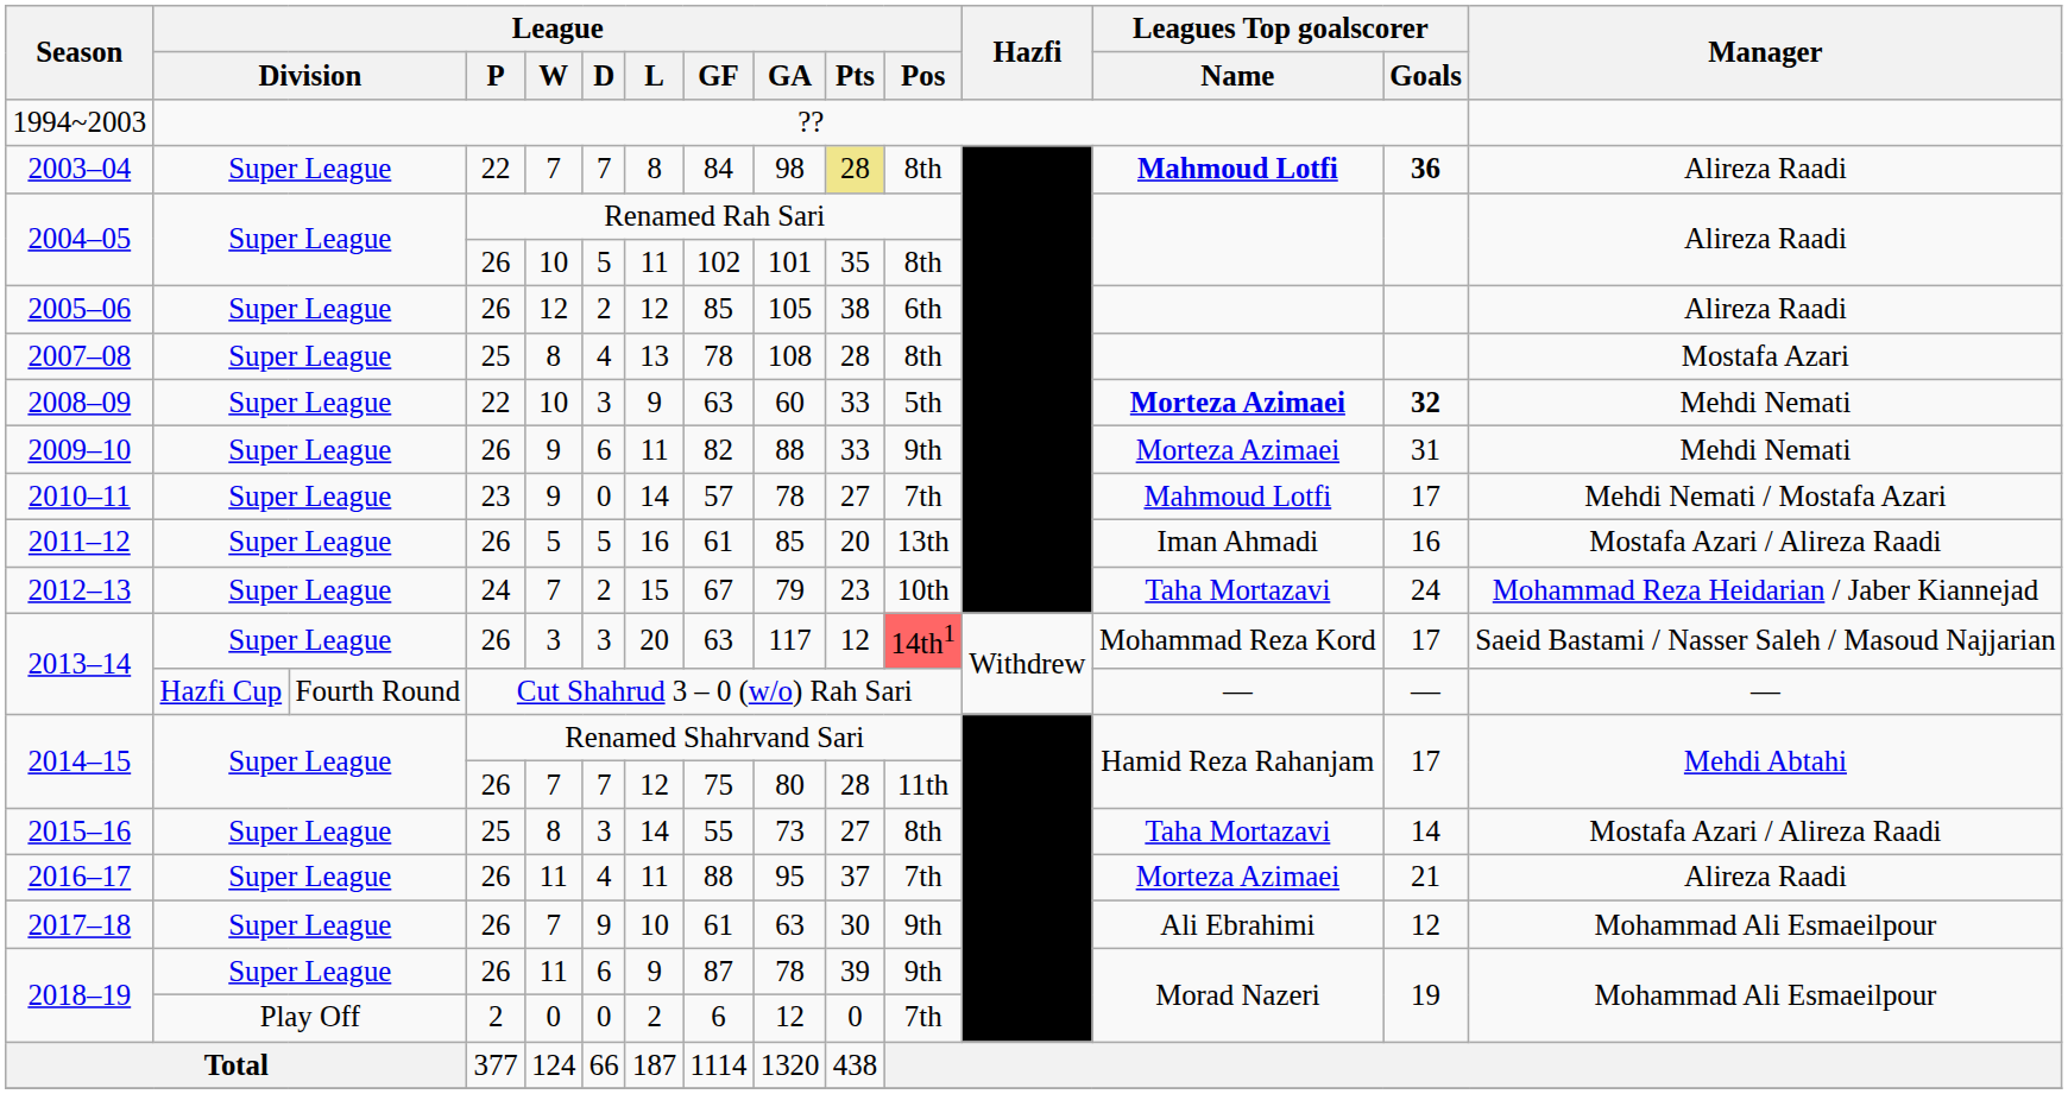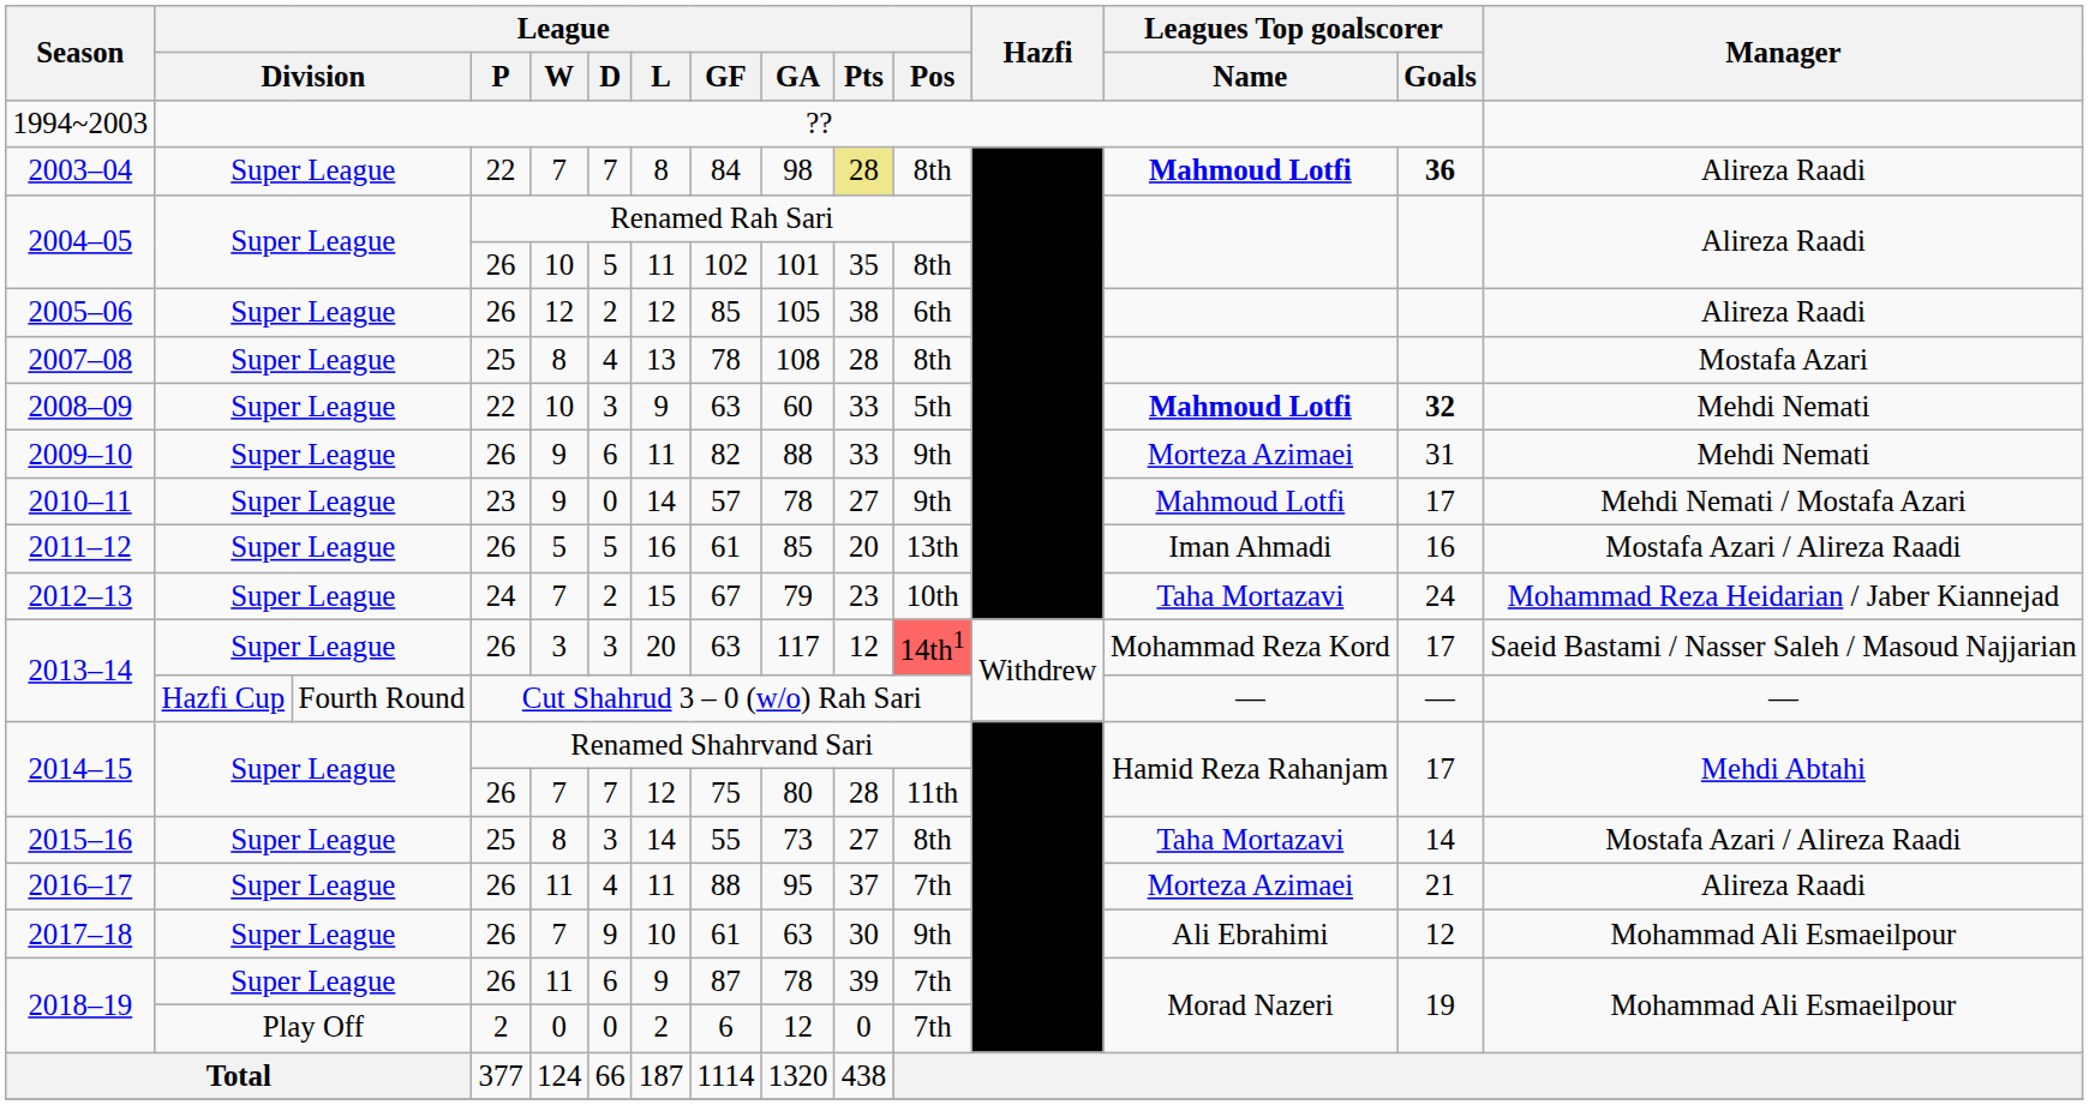 <table class="wikitable" style="text-align: center">
 <tr>
 <th rowspan=2>Season</th>
 <th colspan=10>League</th>
 <th rowspan=2>Hazfi</th>
 <th colspan=2>Leagues Top goalscorer</th>
 <th rowspan=2>Manager</th>
 </tr>
 <tr>
 <th colspan=2>Division</th>
 <th>P</th>
 <th>W</th>
 <th>D</th>
 <th>L</th>
 <th>GF</th>
 <th>GA</th>
 <th>Pts</th>
 <th>Pos</th>
 <th>Name</th>
 <th>Goals</th>
 </tr>
 <tr>
 <td>1994‍~2003</td>
 <td colspan=13>??</td>
 </tr>
 <tr>
 <td><a href='#'>2003–04</a></td>
 <td colspan=2><a href='#'>Super League</a></td>
 <td>22</td>
 <td>7</td>
 <td>7</td>
 <td>8</td>
 <td>84</td>
 <td>98</td>
 <td style="background: khaki;">28</td>
 <td>8th</td>
 <td rowspan=10 bgcolor= black></td>
 <td><strong><a href='#'>Mahmoud Lotfi</a></strong></td>
 <td><strong>36</strong></td>
 <td>Alireza Raadi</td>
 </tr>
 <tr>
 <td rowspan=2><a href='#'>2004–05</a></td>
 <td rowspan=2 colspan=2><a href='#'>Super League</a></td>
 <td colspan=8>Renamed Rah Sari</td>
 <td rowspan=2></td>
 <td rowspan=2></td>
 <td rowspan=2>Alireza Raadi</td>
 </tr>
 <tr>
 <td>26</td>
 <td>10</td>
 <td>5</td>
 <td>11</td>
 <td>102</td>
 <td>101</td>
 <td>35</td>
 <td>8th</td>
 </tr>
 <tr>
 <td><a href='#'>2005–06</a></td>
 <td colspan=2><a href='#'>Super League</a></td>
 <td>26</td>
 <td>12</td>
 <td>2</td>
 <td>12</td>
 <td>85</td>
 <td>105</td>
 <td>38</td>
 <td>6th</td>
 <td></td>
 <td></td>
 <td>Alireza Raadi</td>
 </tr>
 <tr>
 <td><a href='#'>2007–08</a></td>
 <td colspan=2><a href='#'>Super League</a></td>
 <td>25</td>
 <td>8</td>
 <td>4</td>
 <td>13</td>
 <td>78</td>
 <td>108</td>
 <td>28</td>
 <td>8th</td>
 <td></td>
 <td></td>
 <td>Mostafa Azari</td>
 </tr>
 <tr>
 <td><a href='#'>2008–09</a></td>
 <td colspan=2><a href='#'>Super League</a></td>
 <td>22</td>
 <td>10</td>
 <td>3</td>
 <td>9</td>
 <td>63</td>
 <td>60</td>
 <td>33</td>
 <td>5th</td>
-<td><strong><a href='#'>Morteza Azimaei</a></strong></td>
+<td><strong><a href='#'>Mahmoud Lotfi</a></strong></td>
 <td><strong>32</strong></td>
 <td>Mehdi Nemati</td>
 </tr>
 <tr>
 <td><a href='#'>2009–10</a></td>
 <td colspan=2><a href='#'>Super League</a></td>
 <td>26</td>
 <td>9</td>
 <td>6</td>
 <td>11</td>
 <td>82</td>
 <td>88</td>
 <td>33</td>
 <td>9th</td>
 <td><a href='#'>Morteza Azimaei</a></td>
 <td>31</td>
 <td>Mehdi Nemati</td>
 </tr>
 <tr>
 <td><a href='#'>2010–11</a></td>
 <td colspan=2><a href='#'>Super League</a></td>
 <td>23</td>
 <td>9</td>
 <td>0</td>
 <td>14</td>
 <td>57</td>
 <td>78</td>
 <td>27</td>
-<td>7th</td>
+<td>9th</td>
 <td><a href='#'>Mahmoud Lotfi</a></td>
 <td>17</td>
 <td>Mehdi Nemati / Mostafa Azari</td>
 </tr>
 <tr>
 <td><a href='#'>2011–12</a></td>
 <td colspan=2><a href='#'>Super League</a></td>
 <td>26</td>
 <td>5</td>
 <td>5</td>
 <td>16</td>
 <td>61</td>
 <td>85</td>
 <td>20</td>
 <td>13th</td>
 <td>Iman Ahmadi</td>
 <td>16</td>
 <td>Mostafa Azari / Alireza Raadi</td>
 </tr>
 <tr>
 <td><a href='#'>2012–13</a></td>
 <td colspan=2><a href='#'>Super League</a></td>
 <td>24</td>
 <td>7</td>
 <td>2</td>
 <td>15</td>
 <td>67</td>
 <td>79</td>
 <td>23</td>
 <td>10th</td>
 <td><a href='#'>Taha Mortazavi</a></td>
 <td>24</td>
 <td><a href='#'>Mohammad Reza Heidarian</a> / Jaber Kiannejad</td>
 </tr>
 <tr>
 <td rowspan=2><a href='#'>2013–14</a></td>
 <td colspan=2><a href='#'>Super League</a></td>
 <td>26</td>
 <td>3</td>
 <td>3</td>
 <td>20</td>
 <td>63</td>
 <td>117</td>
 <td>12</td>
 <td bgcolor="#FF6666">14th<sup>1</sup></td>
 <td rowspan=2>Withdrew</td>
 <td>Mohammad Reza Kord</td>
 <td>17</td>
 <td>Saeid Bastami / Nasser Saleh / Masoud Najjarian</td>
 </tr>
 <tr>
 <td><a href='#'>Hazfi Cup</a></td>
 <td>Fourth Round</td>
 <td colspan=8><a href='#'>Cut Shahrud</a> 3 – 0 (<a href='#'>w/o</a>) Rah Sari</td>
 <td>—</td>
 <td>—</td>
 <td>—</td>
 </tr>
 <tr>
 <td rowspan=2><a href='#'>2014–15</a></td>
 <td rowspan=2 colspan=2><a href='#'>Super League</a></td>
 <td colspan=8>Renamed Shahrvand Sari</td>
 <td rowspan=7 bgcolor= black></td>
 <td rowspan=2>Hamid Reza Rahanjam</td>
 <td rowspan=2>17</td>
 <td rowspan=2><a href='#'>Mehdi Abtahi</a></td>
 </tr>
 <tr>
 <td>26</td>
 <td>7</td>
 <td>7</td>
 <td>12</td>
 <td>75</td>
 <td>80</td>
 <td>28</td>
 <td>11th</td>
 </tr>
 <tr>
 <td><a href='#'>2015–16</a></td>
 <td colspan=2><a href='#'>Super League</a></td>
 <td>25</td>
 <td>8</td>
 <td>3</td>
 <td>14</td>
 <td>55</td>
 <td>73</td>
 <td>27</td>
 <td>8th</td>
 <td><a href='#'>Taha Mortazavi</a></td>
 <td>14</td>
 <td>Mostafa Azari / Alireza Raadi</td>
 </tr>
 <tr>
 <td><a href='#'>2016–17</a></td>
 <td colspan=2><a href='#'>Super League</a></td>
 <td>26</td>
 <td>11</td>
 <td>4</td>
 <td>11</td>
 <td>88</td>
 <td>95</td>
 <td>37</td>
 <td>7th</td>
 <td><a href='#'>Morteza Azimaei</a></td>
 <td>21</td>
 <td>Alireza Raadi</td>
 </tr>
 <tr>
 <td><a href='#'>2017–18</a></td>
 <td colspan=2><a href='#'>Super League</a></td>
 <td>26</td>
 <td>7</td>
 <td>9</td>
 <td>10</td>
 <td>61</td>
 <td>63</td>
 <td>30</td>
 <td>9th</td>
 <td>Ali Ebrahimi</td>
 <td>12</td>
 <td>Mohammad Ali Esmaeilpour</td>
 </tr>
 <tr>
 <td rowspan=2><a href='#'>2018–19</a></td>
 <td colspan=2><a href='#'>Super League</a></td>
 <td>26</td>
 <td>11</td>
 <td>6</td>
 <td>9</td>
 <td>87</td>
 <td>78</td>
 <td>39</td>
-<td>9th</td>
+<td>7th</td>
 <td rowspan=2>Morad Nazeri</td>
 <td rowspan=2>19</td>
 <td rowspan=2>Mohammad Ali Esmaeilpour</td>
 </tr>
 <tr>
 <td colspan=2>Play Off</td>
 <td>2</td>
 <td>0</td>
 <td>0</td>
 <td>2</td>
 <td>6</td>
 <td>12</td>
 <td>0</td>
 <td>7th</td>
 </tr>
 <tr>
 <th colspan=3>Total</th>
 <td>377</td>
 <td>124</td>
 <td>66</td>
 <td>187</td>
 <td>1114</td>
 <td>1320</td>
 <td>438</td>
 <th colspan=5></th>
 </tr>
 <tr>
 </tr>
 </table>
